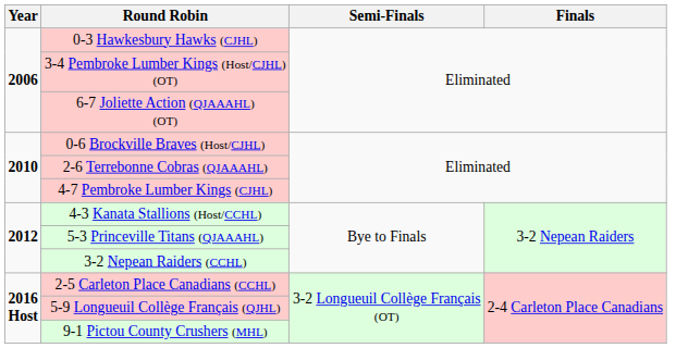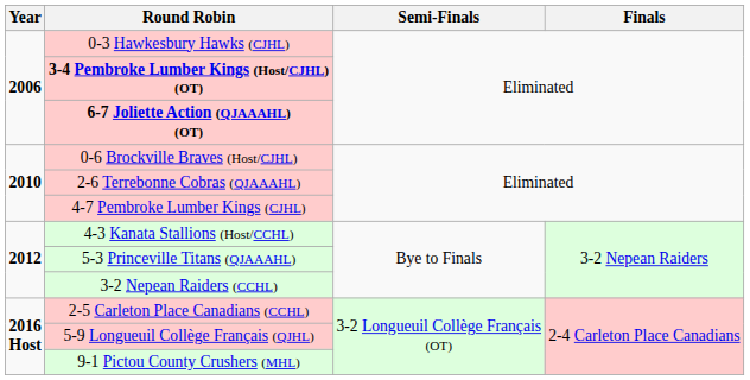 <table class="wikitable" style="text-align:center">
 <tr>
 <th>Year</th>
 <th>Round Robin</th>
 <th>Semi-Finals</th>
 <th>Finals</th>
 </tr>
 <tr>
 <td rowspan="3"><strong>2006</strong></td>
 <td style="background:#FFCCCC">0-3 <a href='#'>Hawkesbury Hawks</a> <small>(<a href='#'>CJHL</a>)</small></td>
 <td rowspan="3"colspan="2">Eliminated</td>
 </tr>
 <tr>
-<td style="background:#FFCCCC">3-4 <a href='#'>Pembroke Lumber Kings</a> <small>(Host/<a href='#'>CJHL</a>)</small> <br><small>(OT)</small></td>
+<td style="background:#FFCCCC"><strong>3-4 <a href='#'>Pembroke Lumber Kings</a> <small>(Host/<a href='#'>CJHL</a>)</small> <br><small>(OT)</small></strong></td>
 </tr>
 <tr>
-<td style="background:#FFCCCC">6-7 <a href='#'>Joliette Action</a> <small>(<a href='#'>QJAAAHL</a>)</small> <br><small>(OT)</small></td>
+<td style="background:#FFCCCC"><strong>6-7 <a href='#'>Joliette Action</a> <small>(<a href='#'>QJAAAHL</a>)</small> <br><small>(OT)</small></strong></td>
 </tr>
 <tr>
 <td rowspan="3"><strong>2010</strong></td>
 <td style="background:#FFCCCC">0-6 <a href='#'>Brockville Braves</a> <small>(Host/<a href='#'>CJHL</a>)</small></td>
 <td rowspan="3"colspan="2">Eliminated</td>
 </tr>
 <tr>
 <td style="background:#FFCCCC">2-6 <a href='#'>Terrebonne Cobras</a> <small>(<a href='#'>QJAAAHL</a>)</small></td>
 </tr>
 <tr>
 <td style="background:#FFCCCC">4-7 <a href='#'>Pembroke Lumber Kings</a> <small>(<a href='#'>CJHL</a>)</small></td>
 </tr>
 <tr>
 <td rowspan="3"><strong>2012</strong></td>
 <td style="background:#DDFFDD">4-3 <a href='#'>Kanata Stallions</a> <small>(Host/<a href='#'>CCHL</a>)</small></td>
 <td rowspan="3">Bye to Finals</td>
 <td rowspan="3"style="background:#DDFFDD">3-2 <a href='#'>Nepean Raiders</a></td>
 </tr>
 <tr>
 <td style="background:#DDFFDD">5-3 <a href='#'>Princeville Titans</a> <small>(<a href='#'>QJAAAHL</a>)</small></td>
 </tr>
 <tr>
 <td style="background:#DDFFDD">3-2 <a href='#'>Nepean Raiders</a> <small>(<a href='#'>CCHL</a>)</small></td>
 </tr>
 <tr>
 <td rowspan="3"><strong>2016</strong> <br> <strong>Host</strong></td>
 <td style="background:#FFCCCC">2-5 <a href='#'>Carleton Place Canadians</a> <small>(<a href='#'>CCHL</a>)</small></td>
 <td rowspan="3"style="background:#DDFFDD">3-2 <a href='#'>Longueuil Collège Français</a> <br><small>(OT)</small></td>
 <td rowspan="3"style="background:#FFCCCC">2-4 <a href='#'>Carleton Place Canadians</a></td>
 </tr>
 <tr>
 <td style="background:#FFCCCC">5-9 <a href='#'>Longueuil Collège Français</a> <small>(<a href='#'>QJHL</a>)</small></td>
 </tr>
 <tr>
 <td style="background:#DDFFDD">9-1 <a href='#'>Pictou County Crushers</a> <small>(<a href='#'>MHL</a>)</small></td>
 </tr>
 </table>
